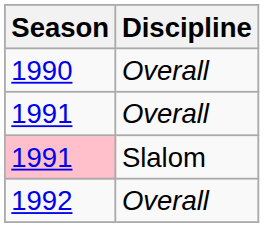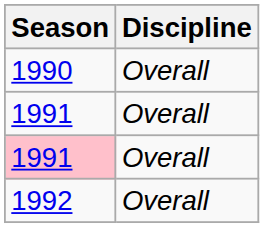 <table class=wikitable style="font-size:95%;">
 <tr>
 <th>Season</th>
 <th>Discipline</th>
 </tr>
 <tr>
 <td><a href='#'>1990</a></td>
 <td><em>Overall</em></td>
 </tr>
 <tr>
 <td><a href='#'>1991</a></td>
 <td><em>Overall</em></td>
 </tr>
 <tr>
 <td style="background: pink;"><a href='#'>1991</a></td>
-<td>Slalom</td>
+<td><em>Overall</em></td>
 </tr>
 <tr>
 <td><a href='#'>1992</a></td>
 <td><em>Overall</em></td>
 </tr>
 </table>
